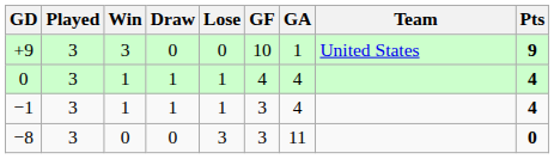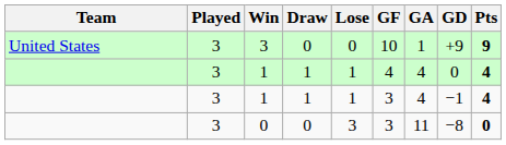 <table class="wikitable" style="text-align: center;">
 <tr>
-<th width="20">GD</th>
+<th width="165">Team</th>
 <th width="20">Played</th>
 <th width="20">Win</th>
 <th width="20">Draw</th>
 <th width="20">Lose</th>
 <th width="20">GF</th>
 <th width="20">GA</th>
-<th width="165">Team</th>
+<th width="20">GD</th>
 <th width="20">Pts</th>
 </tr>
 <tr style="background: #ccffcc;">
-<td>+9</td>
+<td style="text-align:left; "> <a href='#'>United States</a></td>
 <td>3</td>
 <td>3</td>
 <td>0</td>
 <td>0</td>
 <td>10</td>
 <td>1</td>
-<td style="text-align:left; "> <a href='#'>United States</a></td>
+<td>+9</td>
 <td><strong>9</strong></td>
 </tr>
 <tr style="background: #ccffcc;">
-<td>0</td>
+<td style="text-align:left; "></td>
 <td>3</td>
 <td>1</td>
 <td>1</td>
 <td>1</td>
 <td>4</td>
 <td>4</td>
-<td style="text-align:left; "></td>
+<td>0</td>
 <td><strong>4</strong></td>
 </tr>
 <tr>
-<td>−1</td>
+<td style="text-align:left; "></td>
 <td>3</td>
 <td>1</td>
 <td>1</td>
 <td>1</td>
 <td>3</td>
 <td>4</td>
-<td style="text-align:left; "></td>
+<td>−1</td>
 <td><strong>4</strong></td>
 </tr>
 <tr>
-<td>−8</td>
+<td style="text-align:left; "></td>
 <td>3</td>
 <td>0</td>
 <td>0</td>
 <td>3</td>
 <td>3</td>
 <td>11</td>
-<td style="text-align:left; "></td>
+<td>−8</td>
 <td><strong>0</strong></td>
 </tr>
 </table>
